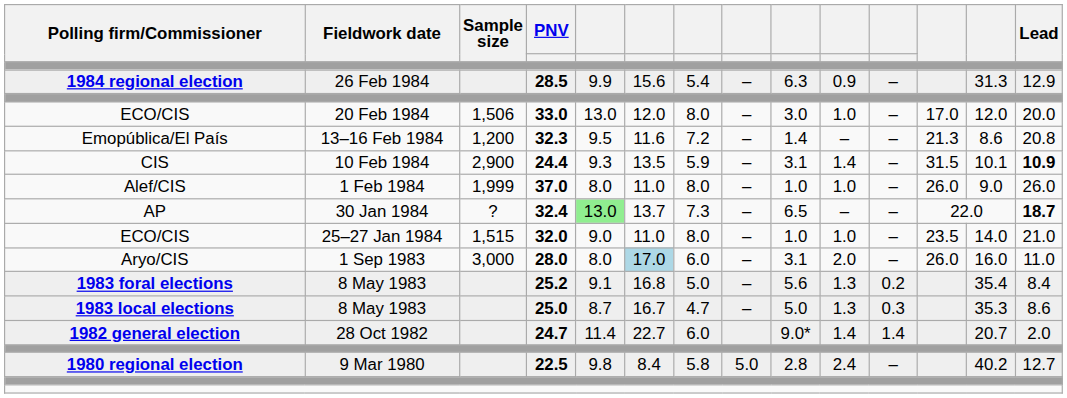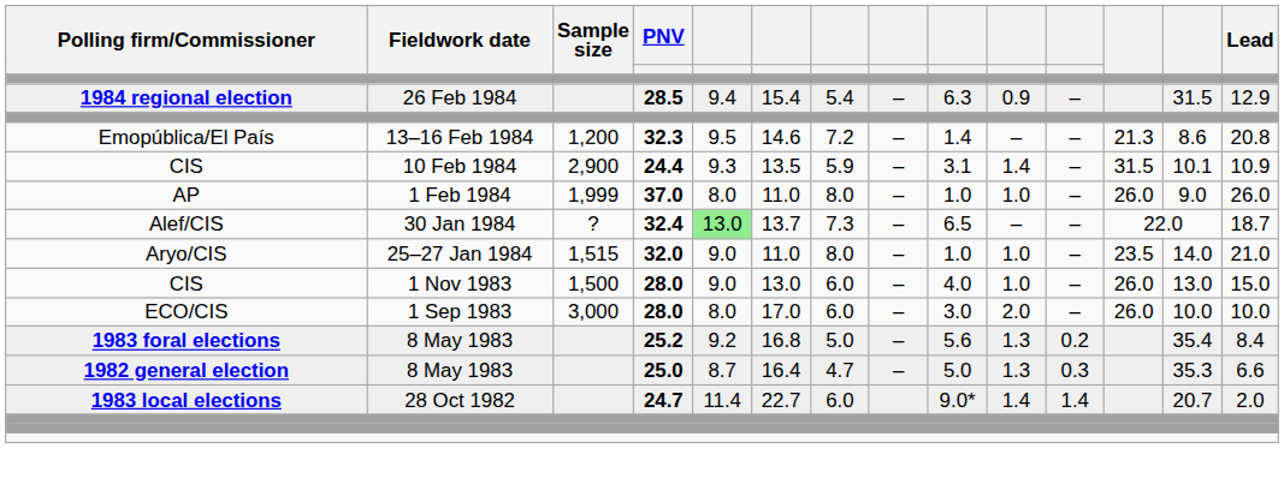 <table class="wikitable collapsible collapsed" style="text-align:center; font-size:90%; line-height:14px;">
 <tr style="height:42px;">
 <th style="width:250px;" rowspan="2">Polling firm/Commissioner</th>
 <th style="width:125px;" rowspan="2">Fieldwork date</th>
 <th style="width:50px;" rowspan="2">Sample size</th>
 <th style="width:35px;"><a href='#'>PNV</a></th>
 <th style="width:35px;"></th>
 <th style="width:35px;"></th>
 <th style="width:35px;"></th>
 <th style="width:35px;"></th>
 <th style="width:35px;"></th>
 <th style="width:35px;"></th>
 <th style="width:35px;"></th>
 <th style="width:35px;" rowspan="2"></th>
 <th style="width:35px;" rowspan="2"></th>
 <th style="width:30px;" rowspan="2">Lead</th>
 </tr>
 <tr>
 <th style="color:inherit;background:"></th>
 <th style="color:inherit;background:"></th>
 <th style="color:inherit;background:"></th>
 <th style="color:inherit;background:"></th>
 <th style="color:inherit;background:"></th>
 <th style="color:inherit;background:"></th>
 <th style="color:inherit;background:"></th>
 <th style="color:inherit;background:"></th>
 </tr>
 <tr>
 <td colspan="14" style="background:#A0A0A0"></td>
 </tr>
 <tr style="background:#EFEFEF;">
 <td><strong><a href='#'>1984 regional election</a></strong></td>
 <td>26 Feb 1984</td>
 <td></td>
 <td><strong>28.5</strong></td>
-<td>9.9</td>
-<td>15.6</td>
+<td>9.4</td>
+<td>15.4</td>
 <td>5.4</td>
 <td>–</td>
 <td>6.3</td>
 <td>0.9</td>
 <td>–</td>
 <td></td>
-<td>31.3</td>
+<td>31.5</td>
 <td style="background:">12.9</td>
 </tr>
 <tr>
 <td colspan="14" style="background:#A0A0A0"></td>
-</tr>
-<tr>
-<td>ECO/CIS</td>
-<td>20 Feb 1984</td>
-<td>1,506</td>
-<td><strong>33.0</strong></td>
-<td>13.0</td>
-<td>12.0</td>
-<td>8.0</td>
-<td>–</td>
-<td>3.0</td>
-<td>1.0</td>
-<td>–</td>
-<td>17.0</td>
-<td>12.0</td>
-<td style="background:">20.0</td>
 </tr>
 <tr>
 <td>Emopública/El País</td>
 <td>13–16 Feb 1984</td>
 <td>1,200</td>
 <td><strong>32.3</strong></td>
 <td>9.5</td>
-<td>11.6</td>
+<td>14.6</td>
 <td>7.2</td>
 <td>–</td>
 <td>1.4</td>
 <td>–</td>
 <td>–</td>
 <td>21.3</td>
 <td>8.6</td>
 <td style="background:">20.8</td>
 </tr>
 <tr>
 <td>CIS</td>
 <td>10 Feb 1984</td>
 <td>2,900</td>
 <td><strong>24.4</strong></td>
 <td>9.3</td>
 <td>13.5</td>
 <td>5.9</td>
 <td>–</td>
 <td>3.1</td>
 <td>1.4</td>
 <td>–</td>
 <td>31.5</td>
 <td>10.1</td>
-<td style="background:"><strong>10.9</strong></td>
+<td style="background:">10.9</td>
 </tr>
 <tr>
-<td>Alef/CIS</td>
+<td>AP</td>
 <td>1 Feb 1984</td>
 <td>1,999</td>
 <td><strong>37.0</strong></td>
 <td>8.0</td>
 <td>11.0</td>
 <td>8.0</td>
 <td>–</td>
 <td>1.0</td>
 <td>1.0</td>
 <td>–</td>
 <td>26.0</td>
 <td>9.0</td>
 <td style="background:">26.0</td>
 </tr>
 <tr>
-<td>AP</td>
+<td>Alef/CIS</td>
 <td>30 Jan 1984</td>
 <td>?</td>
 <td><strong>32.4</strong></td>
 <td style="background: lightgreen;">13.0</td>
 <td>13.7</td>
 <td>7.3</td>
 <td>–</td>
 <td>6.5</td>
 <td>–</td>
 <td>–</td>
 <td colspan="2">22.0</td>
-<td style="background:"><strong>18.7</strong></td>
+<td style="background:">18.7</td>
 </tr>
 <tr>
-<td>ECO/CIS</td>
+<td>Aryo/CIS</td>
 <td>25–27 Jan 1984</td>
 <td>1,515</td>
 <td><strong>32.0</strong></td>
 <td>9.0</td>
 <td>11.0</td>
 <td>8.0</td>
 <td>–</td>
 <td>1.0</td>
 <td>1.0</td>
 <td>–</td>
 <td>23.5</td>
 <td>14.0</td>
 <td style="background:">21.0</td>
 </tr>
 <tr>
-<td>Aryo/CIS</td>
+<td>CIS</td>
+<td>1 Nov 1983</td>
+<td>1,500</td>
+<td><strong>28.0</strong></td>
+<td>9.0</td>
+<td>13.0</td>
+<td>6.0</td>
+<td>–</td>
+<td>4.0</td>
+<td>1.0</td>
+<td>–</td>
+<td>26.0</td>
+<td>13.0</td>
+<td style="background:">15.0</td>
+</tr>
+<tr>
+<td>ECO/CIS</td>
 <td>1 Sep 1983</td>
 <td>3,000</td>
 <td><strong>28.0</strong></td>
 <td>8.0</td>
-<td style="background: lightblue;">17.0</td>
+<td>17.0</td>
 <td>6.0</td>
 <td>–</td>
-<td>3.1</td>
+<td>3.0</td>
 <td>2.0</td>
 <td>–</td>
 <td>26.0</td>
-<td>16.0</td>
-<td style="background:">11.0</td>
+<td>10.0</td>
+<td style="background:">10.0</td>
 </tr>
 <tr style="background:#EFEFEF;">
 <td><strong><a href='#'>1983 foral elections</a></strong></td>
 <td>8 May 1983</td>
 <td></td>
 <td><strong>25.2</strong></td>
-<td>9.1</td>
+<td>9.2</td>
 <td>16.8</td>
 <td>5.0</td>
 <td>–</td>
 <td>5.6</td>
 <td>1.3</td>
 <td>0.2</td>
 <td></td>
 <td>35.4</td>
 <td style="background:">8.4</td>
 </tr>
 <tr style="background:#EFEFEF;">
-<td><strong><a href='#'>1983 local elections</a></strong></td>
+<td><strong><a href='#'>1982 general election</a></strong></td>
 <td>8 May 1983</td>
 <td></td>
 <td><strong>25.0</strong></td>
 <td>8.7</td>
-<td>16.7</td>
+<td>16.4</td>
 <td>4.7</td>
 <td>–</td>
 <td>5.0</td>
 <td>1.3</td>
 <td>0.3</td>
 <td></td>
 <td>35.3</td>
-<td style="background:">8.6</td>
+<td style="background:">6.6</td>
 </tr>
 <tr style="background:#EFEFEF;">
-<td><strong><a href='#'>1982 general election</a></strong></td>
+<td><strong><a href='#'>1983 local elections</a></strong></td>
 <td>28 Oct 1982</td>
 <td></td>
 <td><strong>24.7</strong></td>
 <td>11.4</td>
 <td>22.7</td>
 <td>6.0</td>
 <td></td>
 <td>9.0*</td>
 <td>1.4</td>
 <td>1.4</td>
 <td></td>
 <td>20.7</td>
 <td style="background:">2.0</td>
 </tr>
 <tr>
 <td colspan="14" style="background:#A0A0A0"></td>
 </tr>
-<tr style="background:#EFEFEF;">
-<td><strong><a href='#'>1980 regional election</a></strong></td>
-<td>9 Mar 1980</td>
-<td></td>
-<td><strong>22.5</strong></td>
-<td>9.8</td>
-<td>8.4</td>
-<td>5.8</td>
-<td>5.0</td>
-<td>2.8</td>
-<td>2.4</td>
-<td>–</td>
-<td></td>
-<td>40.2</td>
-<td style="background:">12.7</td>
-</tr>
 <tr>
 <td colspan="14" style="background:#A0A0A0"></td>
 </tr>
 <tr>
 <td align="left" colspan="14"></td>
 </tr>
 </table>
